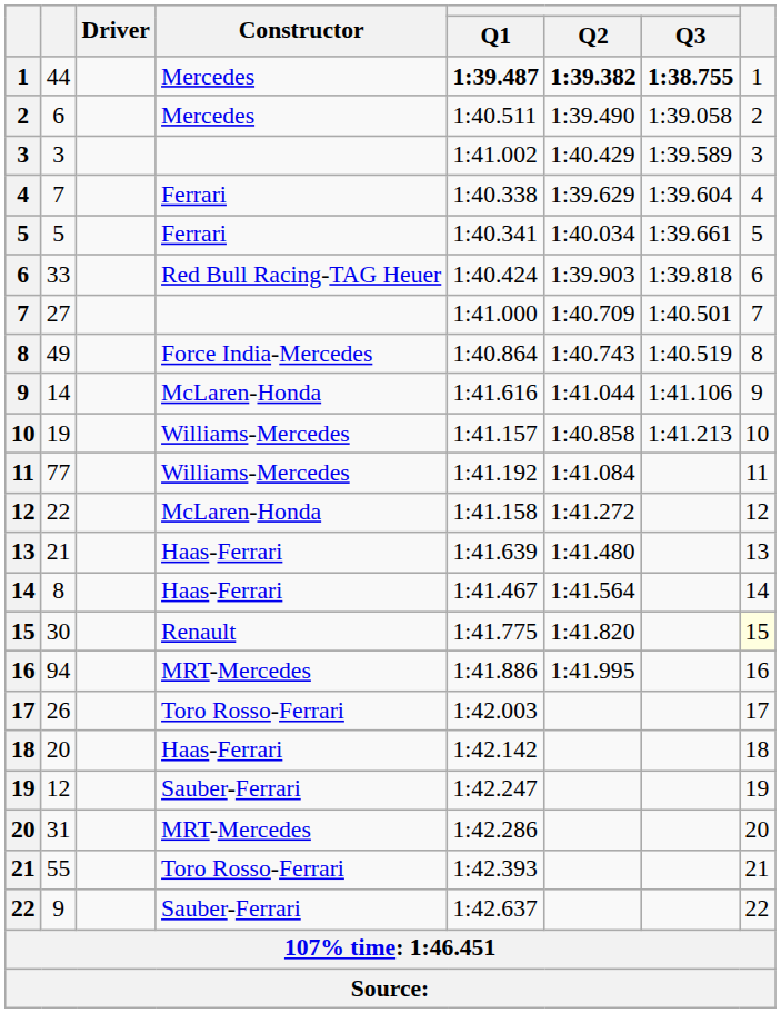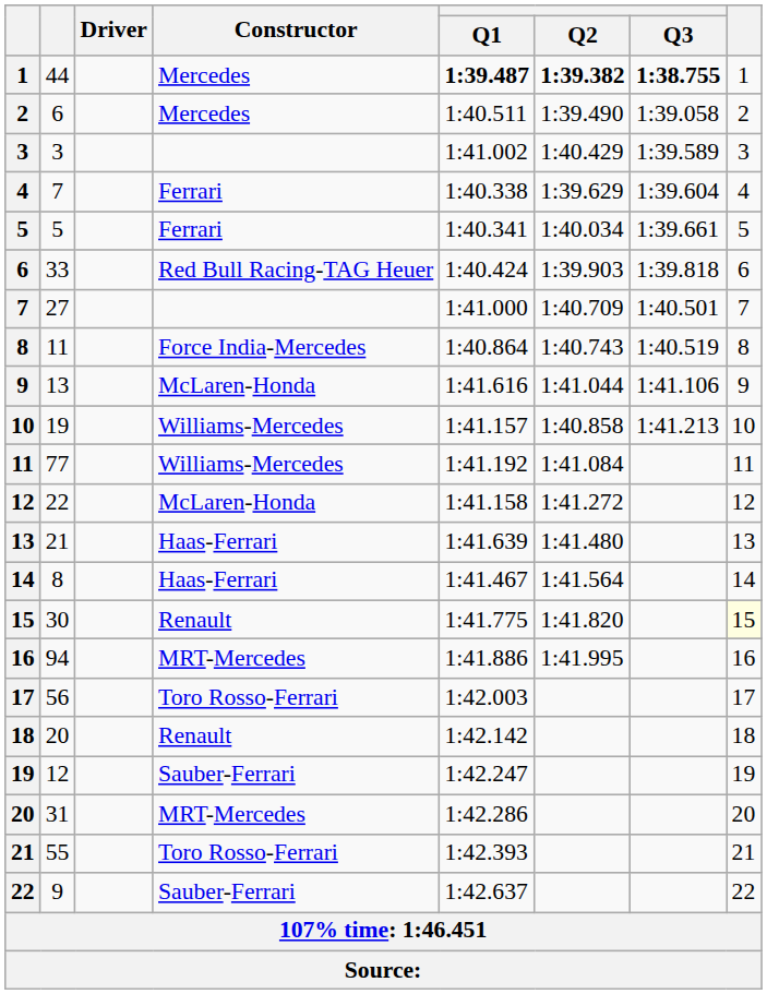 <table class="wikitable sortable" style="font-size: 85%;">
 <tr>
 <th rowspan="2"></th>
 <th rowspan="2"></th>
 <th rowspan="2">Driver</th>
 <th rowspan="2">Constructor</th>
 <th colspan="3"></th>
 <th rowspan="2"></th>
 </tr>
 <tr>
 <th>Q1</th>
 <th>Q2</th>
 <th>Q3</th>
 </tr>
 <tr>
 <th>1</th>
 <td align="center">44</td>
 <td></td>
 <td><a href='#'>Mercedes</a></td>
 <td><strong>1:39.487</strong></td>
 <td><strong>1:39.382</strong></td>
 <td><strong>1:38.755</strong></td>
 <td align="center">1</td>
 </tr>
 <tr>
 <th>2</th>
 <td align="center">6</td>
 <td></td>
 <td><a href='#'>Mercedes</a></td>
 <td>1:40.511</td>
 <td>1:39.490</td>
 <td>1:39.058</td>
 <td align="center">2</td>
 </tr>
 <tr>
 <th>3</th>
 <td align="center">3</td>
 <td></td>
 <td></td>
 <td>1:41.002</td>
 <td>1:40.429</td>
 <td>1:39.589</td>
 <td align="center">3</td>
 </tr>
 <tr>
 <th>4</th>
 <td align="center">7</td>
 <td></td>
 <td><a href='#'>Ferrari</a></td>
 <td>1:40.338</td>
 <td>1:39.629</td>
 <td>1:39.604</td>
 <td align="center">4</td>
 </tr>
 <tr>
 <th>5</th>
 <td align="center">5</td>
 <td></td>
 <td><a href='#'>Ferrari</a></td>
 <td>1:40.341</td>
 <td>1:40.034</td>
 <td>1:39.661</td>
 <td align="center">5</td>
 </tr>
 <tr>
 <th>6</th>
 <td align="center">33</td>
 <td></td>
 <td><a href='#'>Red Bull Racing</a>-<a href='#'>TAG Heuer</a></td>
 <td>1:40.424</td>
 <td>1:39.903</td>
 <td>1:39.818</td>
 <td align="center">6</td>
 </tr>
 <tr>
 <th>7</th>
 <td align="center">27</td>
 <td></td>
 <td></td>
 <td>1:41.000</td>
 <td>1:40.709</td>
 <td>1:40.501</td>
 <td align="center">7</td>
 </tr>
 <tr>
 <th>8</th>
-<td align="center">49</td>
+<td align="center">11</td>
 <td></td>
 <td><a href='#'>Force India</a>-<a href='#'>Mercedes</a></td>
 <td>1:40.864</td>
 <td>1:40.743</td>
 <td>1:40.519</td>
 <td align="center">8</td>
 </tr>
 <tr>
 <th>9</th>
-<td align="center">14</td>
+<td align="center">13</td>
 <td></td>
 <td><a href='#'>McLaren</a>-<a href='#'>Honda</a></td>
 <td>1:41.616</td>
 <td>1:41.044</td>
 <td>1:41.106</td>
 <td align="center">9</td>
 </tr>
 <tr>
 <th>10</th>
 <td align="center">19</td>
 <td></td>
 <td><a href='#'>Williams</a>-<a href='#'>Mercedes</a></td>
 <td>1:41.157</td>
 <td>1:40.858</td>
 <td>1:41.213</td>
 <td align="center">10</td>
 </tr>
 <tr>
 <th>11</th>
 <td align="center">77</td>
 <td></td>
 <td><a href='#'>Williams</a>-<a href='#'>Mercedes</a></td>
 <td>1:41.192</td>
 <td>1:41.084</td>
 <td></td>
 <td align="center">11</td>
 </tr>
 <tr>
 <th>12</th>
 <td align="center">22</td>
 <td></td>
 <td><a href='#'>McLaren</a>-<a href='#'>Honda</a></td>
 <td>1:41.158</td>
 <td>1:41.272</td>
 <td></td>
 <td align="center">12</td>
 </tr>
 <tr>
 <th>13</th>
 <td align="center">21</td>
 <td></td>
 <td><a href='#'>Haas</a>-<a href='#'>Ferrari</a></td>
 <td>1:41.639</td>
 <td>1:41.480</td>
 <td></td>
 <td align="center">13</td>
 </tr>
 <tr>
 <th>14</th>
 <td align="center">8</td>
 <td></td>
 <td><a href='#'>Haas</a>-<a href='#'>Ferrari</a></td>
 <td>1:41.467</td>
 <td>1:41.564</td>
 <td></td>
 <td align="center">14</td>
 </tr>
 <tr>
 <th>15</th>
 <td align="center">30</td>
 <td></td>
 <td><a href='#'>Renault</a></td>
 <td>1:41.775</td>
 <td>1:41.820</td>
 <td></td>
 <td align="center" style="background: lightyellow;">15</td>
 </tr>
 <tr>
 <th>16</th>
 <td align="center">94</td>
 <td></td>
 <td><a href='#'>MRT</a>-<a href='#'>Mercedes</a></td>
 <td>1:41.886</td>
 <td>1:41.995</td>
 <td></td>
 <td align="center">16</td>
 </tr>
 <tr>
 <th>17</th>
-<td align="center">26</td>
+<td align="center">56</td>
 <td></td>
 <td><a href='#'>Toro Rosso</a>-<a href='#'>Ferrari</a></td>
 <td>1:42.003</td>
 <td></td>
 <td></td>
 <td align="center">17</td>
 </tr>
 <tr>
 <th>18</th>
 <td align="center">20</td>
 <td></td>
-<td><a href='#'>Haas</a>-<a href='#'>Ferrari</a></td>
+<td><a href='#'>Renault</a></td>
 <td>1:42.142</td>
 <td></td>
 <td></td>
 <td align="center">18</td>
 </tr>
 <tr>
 <th>19</th>
 <td align="center">12</td>
 <td></td>
 <td><a href='#'>Sauber</a>-<a href='#'>Ferrari</a></td>
 <td>1:42.247</td>
 <td></td>
 <td></td>
 <td align="center">19</td>
 </tr>
 <tr>
 <th>20</th>
 <td align="center">31</td>
 <td></td>
 <td><a href='#'>MRT</a>-<a href='#'>Mercedes</a></td>
 <td>1:42.286</td>
 <td></td>
 <td></td>
 <td align="center">20</td>
 </tr>
 <tr>
 <th>21</th>
 <td align="center">55</td>
 <td></td>
 <td><a href='#'>Toro Rosso</a>-<a href='#'>Ferrari</a></td>
 <td>1:42.393</td>
 <td></td>
 <td></td>
 <td align="center">21</td>
 </tr>
 <tr>
 <th>22</th>
 <td align="center">9</td>
 <td></td>
 <td><a href='#'>Sauber</a>-<a href='#'>Ferrari</a></td>
 <td>1:42.637</td>
 <td></td>
 <td></td>
 <td align="center">22</td>
 </tr>
 <tr>
 <th colspan="8"><a href='#'>107% time</a>: 1:46.451</th>
 </tr>
 <tr>
 <th colspan=8>Source:</th>
 </tr>
 </table>
